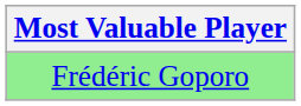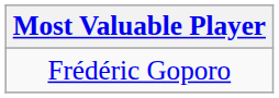 <table class=wikitable style="text-align:center; margin:auto">
 <tr>
 <th><a href='#'>Most Valuable Player</a></th>
 </tr>
 <tr>
-<td style="background: lightgreen;"> <a href='#'>Frédéric Goporo</a></td>
+<td> <a href='#'>Frédéric Goporo</a></td>
 </tr>
 </table>
